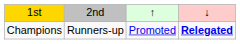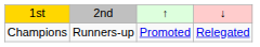 <table class="wikitable" style="text-align:center">
 <tr>
 <td bgcolor=gold>1st</td>
 <td style="background:silver;">2nd</td>
 <td style="background:#dfd;">↑</td>
 <td style="background:#fcc;">↓</td>
 </tr>
 <tr>
 <td>Champions</td>
 <td>Runners-up</td>
 <td><a href='#'>Promoted</a></td>
-<td><strong><a href='#'>Relegated</a></strong></td>
+<td><a href='#'>Relegated</a></td>
 </tr>
 </table>
